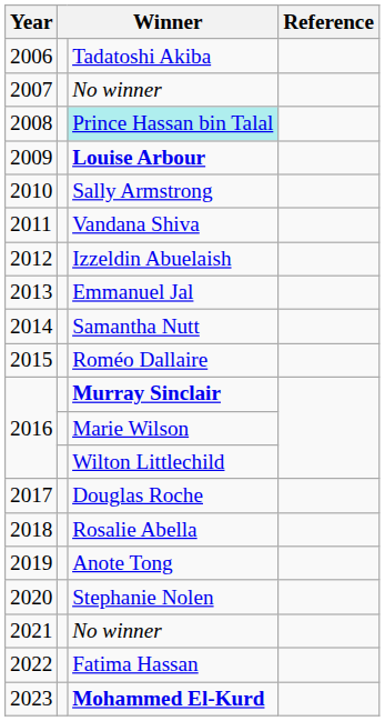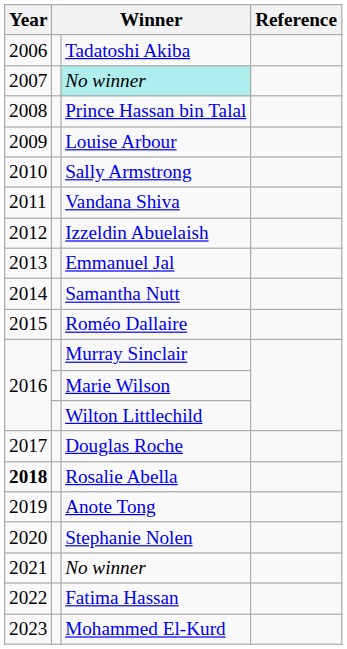 <table class="wikitable">
 <tr>
 <th>Year</th>
 <th colspan=2>Winner</th>
 <th>Reference</th>
 </tr>
 <tr>
 <td>2006</td>
 <td></td>
 <td><a href='#'>Tadatoshi Akiba</a></td>
 <td></td>
 </tr>
 <tr>
 <td>2007</td>
 <td></td>
-<td><em>No winner</em></td>
+<td style="background: paleturquoise;"><em>No winner</em></td>
 <td></td>
 </tr>
 <tr>
 <td>2008</td>
 <td></td>
-<td style="background: paleturquoise;"><a href='#'>Prince Hassan bin Talal</a></td>
+<td><a href='#'>Prince Hassan bin Talal</a></td>
 <td></td>
 </tr>
 <tr>
 <td>2009</td>
 <td></td>
-<td><strong><a href='#'>Louise Arbour</a></strong></td>
+<td><a href='#'>Louise Arbour</a></td>
 <td></td>
 </tr>
 <tr>
 <td>2010</td>
 <td></td>
 <td><a href='#'>Sally Armstrong</a></td>
 <td></td>
 </tr>
 <tr>
 <td>2011</td>
 <td></td>
 <td><a href='#'>Vandana Shiva</a></td>
 <td></td>
 </tr>
 <tr>
 <td>2012</td>
 <td></td>
 <td><a href='#'>Izzeldin Abuelaish</a></td>
 <td></td>
 </tr>
 <tr>
 <td>2013</td>
 <td></td>
 <td><a href='#'>Emmanuel Jal</a></td>
 <td></td>
 </tr>
 <tr>
 <td>2014</td>
 <td></td>
 <td><a href='#'>Samantha Nutt</a></td>
 <td></td>
 </tr>
 <tr>
 <td>2015</td>
 <td></td>
 <td><a href='#'>Roméo Dallaire</a></td>
 <td></td>
 </tr>
 <tr>
 <td rowspan=3>2016</td>
 <td></td>
-<td><strong><a href='#'>Murray Sinclair</a></strong></td>
+<td><a href='#'>Murray Sinclair</a></td>
 <td rowspan=3></td>
 </tr>
 <tr>
 <td></td>
 <td><a href='#'>Marie Wilson</a></td>
 </tr>
 <tr>
 <td></td>
 <td><a href='#'>Wilton Littlechild</a></td>
 </tr>
 <tr>
 <td>2017</td>
 <td></td>
 <td><a href='#'>Douglas Roche</a></td>
 <td></td>
 </tr>
 <tr>
-<td>2018</td>
+<td><strong>2018</strong></td>
 <td></td>
 <td><a href='#'>Rosalie Abella</a></td>
 <td></td>
 </tr>
 <tr>
 <td>2019</td>
 <td></td>
 <td><a href='#'>Anote Tong</a></td>
 <td></td>
 </tr>
 <tr>
 <td>2020</td>
 <td></td>
 <td><a href='#'>Stephanie Nolen</a></td>
 <td></td>
 </tr>
 <tr>
 <td>2021</td>
 <td></td>
 <td><em>No winner</em></td>
 <td></td>
 </tr>
 <tr>
 <td>2022</td>
 <td></td>
 <td><a href='#'>Fatima Hassan</a></td>
 <td></td>
 </tr>
 <tr>
 <td>2023</td>
 <td></td>
-<td><strong><a href='#'>Mohammed El-Kurd</a></strong></td>
+<td><a href='#'>Mohammed El-Kurd</a></td>
 <td></td>
 </tr>
 </table>
